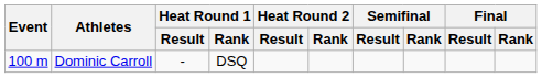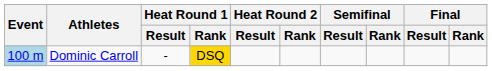 <table class="wikitable" border="1" style="font-size:90%">
 <tr>
 <th rowspan="2">Event</th>
 <th rowspan="2">Athletes</th>
 <th colspan="2">Heat Round 1</th>
 <th colspan="2">Heat Round 2</th>
 <th colspan="2">Semifinal</th>
 <th colspan="2">Final</th>
 </tr>
 <tr>
 <th>Result</th>
 <th>Rank</th>
 <th>Result</th>
 <th>Rank</th>
 <th>Result</th>
 <th>Rank</th>
 <th>Result</th>
 <th>Rank</th>
 </tr>
 <tr>
-<td><a href='#'>100 m</a></td>
+<td style="background: lightblue;"><a href='#'>100 m</a></td>
 <td><a href='#'>Dominic Carroll</a></td>
 <td align=center>-</td>
-<td align=center>DSQ</td>
+<td align=center style="background: gold;">DSQ</td>
 <td align=center></td>
 <td align=center></td>
 <td align=center></td>
 <td align=center></td>
 <td align=center></td>
 <td align=center></td>
 </tr>
 </table>
